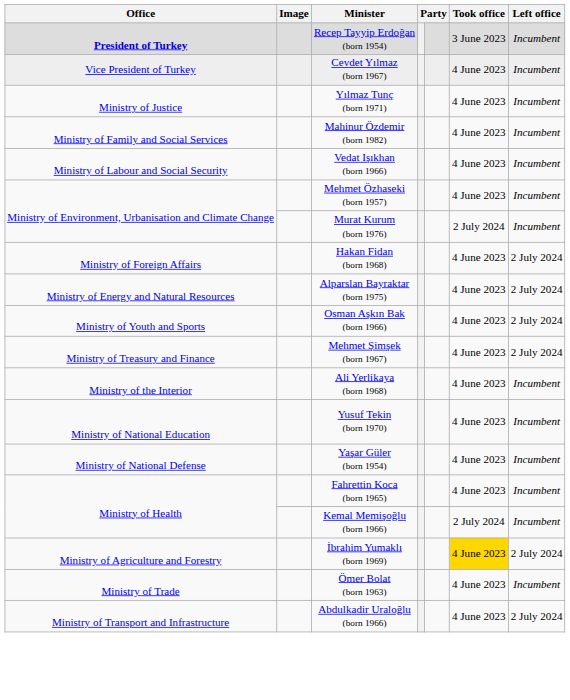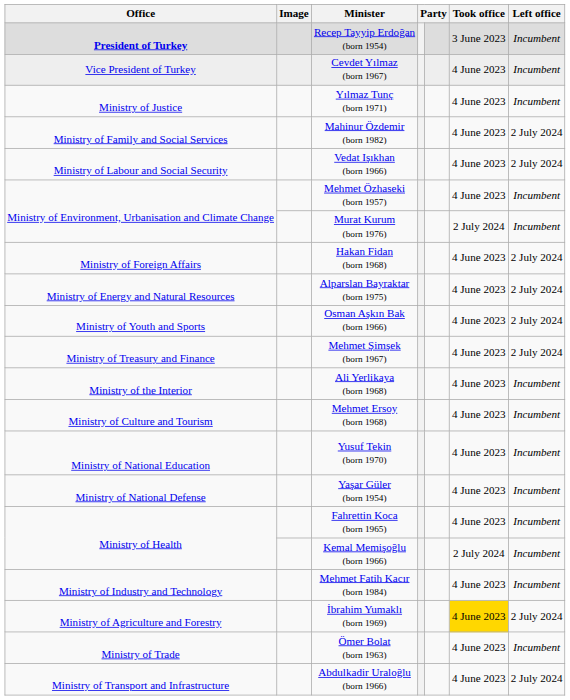 <table class="wikitable sortable" style="font-size:90%;margin-left: auto; margin-right: auto; border: none; text-align:center">
 <tr>
 <th>Office</th>
 <th class="unsortable">Image</th>
 <th>Minister</th>
 <th colspan=2>Party</th>
 <th>Took office</th>
 <th>Left office</th>
 </tr>
 <tr>
 <td bgcolor=#DDDDDD><br> <strong><a href='#'>President of Turkey</a></strong><br></td>
 <td bgcolor=#DDDDDD></td>
 <td bgcolor=#DDDDDD><a href='#'>Recep Tayyip Erdoğan</a><br><small>(born 1954)</small></td>
 <th style="width:2px;background: "></th>
 <td bgcolor=#DDDDDD></td>
 <td bgcolor=#DDDDDD>3 June 2023</td>
 <td bgcolor=#DDDDDD><em>Incumbent</em></td>
 </tr>
 <tr>
 <td bgcolor=#EEEEEE><a href='#'>Vice President of Turkey</a><br></td>
 <td bgcolor=#EEEEEE></td>
 <td bgcolor=#EEEEEE><a href='#'>Cevdet Yılmaz</a><br><small>(born 1967)</small></td>
 <th style="width:2px;background: "></th>
 <td bgcolor=#EEEEEE></td>
 <td bgcolor=#EEEEEE>4 June 2023</td>
 <td bgcolor=#EEEEEE><em>Incumbent</em></td>
 </tr>
 <tr>
 <td><br> <a href='#'>Ministry of Justice</a><br></td>
 <td></td>
 <td><a href='#'>Yılmaz Tunç</a><br><small>(born 1971)</small></td>
 <th style="width:2px;background: "></th>
 <td></td>
 <td>4 June 2023</td>
 <td><em>Incumbent</em></td>
 </tr>
 <tr>
 <td><br> <a href='#'>Ministry of Family and Social Services</a><br></td>
 <td></td>
 <td><a href='#'>Mahinur Özdemir</a><br><small>(born 1982)</small></td>
 <th style="width:2px;background: "></th>
 <td></td>
 <td>4 June 2023</td>
-<td><em>Incumbent</em></td>
+<td>2 July 2024</td>
 </tr>
 <tr>
 <td><br> <a href='#'>Ministry of Labour and Social Security</a><br></td>
 <td></td>
 <td><a href='#'>Vedat Işıkhan</a><br><small>(born 1966)</small></td>
 <th style="width:2px;background: "></th>
 <td></td>
 <td>4 June 2023</td>
-<td><em>Incumbent</em></td>
+<td>2 July 2024</td>
 </tr>
 <tr>
 <td rowspan="2"><br> <a href='#'>Ministry of Environment, Urbanisation and Climate Change</a><br></td>
 <td></td>
 <td><a href='#'>Mehmet Özhaseki</a><br><small>(born 1957)</small></td>
 <th style="width:2px;background: "></th>
 <td></td>
 <td>4 June 2023</td>
 <td><em>Incumbent</em></td>
 </tr>
 <tr>
 <td></td>
 <td><a href='#'>Murat Kurum</a><br><small>(born 1976)</small></td>
 <th style="width:2px;background: "></th>
 <td></td>
 <td>2 July 2024</td>
 <td><em>Incumbent</em></td>
 </tr>
 <tr>
 <td><br> <a href='#'>Ministry of Foreign Affairs</a><br></td>
 <td></td>
 <td><a href='#'>Hakan Fidan</a><br><small>(born 1968)</small></td>
 <th style="width:2px;background: "></th>
 <td></td>
 <td>4 June 2023</td>
 <td>2 July 2024</td>
 </tr>
 <tr>
 <td><br> <a href='#'>Ministry of Energy and Natural Resources</a><br></td>
 <td></td>
 <td><a href='#'>Alparslan Bayraktar</a><br><small>(born 1975)</small></td>
 <th style="width:2px;background: "></th>
 <td></td>
 <td>4 June 2023</td>
 <td>2 July 2024</td>
 </tr>
 <tr>
 <td><br> <a href='#'>Ministry of Youth and Sports</a><br></td>
 <td></td>
 <td><a href='#'>Osman Aşkın Bak</a><br><small>(born 1966)</small></td>
 <th style="width:2px;background: "></th>
 <td></td>
 <td>4 June 2023</td>
 <td>2 July 2024</td>
 </tr>
 <tr>
 <td><br> <a href='#'>Ministry of Treasury and Finance</a><br></td>
 <td></td>
 <td><a href='#'>Mehmet Şimşek</a><br><small>(born 1967)</small></td>
 <th style="width:2px;background: "></th>
 <td></td>
 <td>4 June 2023</td>
 <td>2 July 2024</td>
 </tr>
 <tr>
 <td><br> <a href='#'>Ministry of the Interior</a><br></td>
 <td></td>
 <td><a href='#'>Ali Yerlikaya</a><br><small>(born 1968)</small></td>
 <th style="width:2px;background: "></th>
 <td></td>
 <td>4 June 2023</td>
 <td><em>Incumbent</em></td>
 </tr>
 <tr>
+<td><br> <a href='#'>Ministry of Culture and Tourism</a><br></td>
+<td></td>
+<td><a href='#'>Mehmet Ersoy</a><br><small>(born 1968)</small></td>
+<th style="width:2px;background: "></th>
+<td></td>
+<td>4 June 2023</td>
+<td><em>Incumbent</em></td>
+</tr>
+<tr>
 <td><br><br> <a href='#'>Ministry of National Education</a><br></td>
 <td></td>
 <td><a href='#'>Yusuf Tekin</a><br><small>(born 1970)</small></td>
 <th style="width:2px;background: "></th>
 <td></td>
 <td>4 June 2023</td>
 <td><em>Incumbent</em></td>
 </tr>
 <tr>
 <td><br> <a href='#'>Ministry of National Defense</a><br></td>
 <td></td>
 <td><a href='#'>Yaşar Güler</a><br><small>(born 1954)</small></td>
 <th style="width:2px;background: "></th>
 <td></td>
 <td>4 June 2023</td>
 <td><em>Incumbent</em></td>
 </tr>
 <tr>
 <td rowspan="2"><br> <a href='#'>Ministry of Health</a><br></td>
 <td></td>
 <td><a href='#'>Fahrettin Koca</a><br><small>(born 1965)</small></td>
 <th style="width:2px;background: "></th>
 <td></td>
 <td>4 June 2023</td>
 <td><em>Incumbent</em></td>
 </tr>
 <tr>
 <td></td>
 <td><a href='#'>Kemal Memişoğlu</a><br><small>(born 1966)</small></td>
 <th style="width:2px;background: "></th>
 <td></td>
 <td>2 July 2024</td>
 <td><em>Incumbent</em></td>
 </tr>
 <tr>
+<td> <br><a href='#'>Ministry of Industry and Technology</a><br></td>
+<td></td>
+<td><a href='#'>Mehmet Fatih Kacır</a><br><small>(born 1984)</small></td>
+<th style="width:2px;background: "></th>
+<td></td>
+<td>4 June 2023</td>
+<td><em>Incumbent</em></td>
+</tr>
+<tr>
 <td><br> <a href='#'>Ministry of Agriculture and Forestry</a><br></td>
 <td></td>
 <td><a href='#'>İbrahim Yumaklı</a><br><small>(born 1969)</small></td>
 <th style="width:2px;background: "></th>
 <td></td>
 <td style="background: gold;">4 June 2023</td>
 <td>2 July 2024</td>
 </tr>
 <tr>
 <td><br><a href='#'>Ministry of Trade</a><br></td>
 <td></td>
 <td><a href='#'>Ömer Bolat</a><br><small>(born 1963)</small></td>
 <th style="width:2px;background: "></th>
 <td></td>
 <td>4 June 2023</td>
 <td><em>Incumbent</em></td>
 </tr>
 <tr>
 <td><br> <a href='#'>Ministry of Transport and Infrastructure</a><br></td>
 <td></td>
 <td><a href='#'>Abdulkadir Uraloğlu</a><br><small>(born 1966)</small></td>
 <th style="width:2px;background: "></th>
 <td></td>
 <td>4 June 2023</td>
 <td>2 July 2024</td>
 </tr>
 </table>
